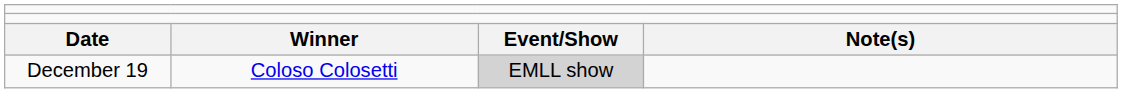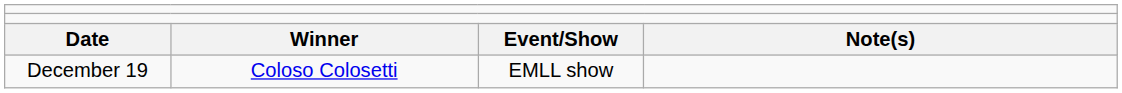 <table class="wikitable" style="text-align:center; width:100%;">
 <tr>
 <td colspan=5></td>
 </tr>
 <tr>
 <td colspan=5><strong></strong></td>
 </tr>
 <tr>
 <th width=14%>Date</th>
 <th width=26%>Winner</th>
 <th width=14%>Event/Show</th>
 <th width=40%>Note(s)</th>
 </tr>
 <tr>
 <td>December 19</td>
 <td><a href='#'>Coloso Colosetti</a></td>
-<td style="background: lightgrey;">EMLL show</td>
+<td>EMLL show</td>
 <td align=left></td>
 </tr>
 </table>
